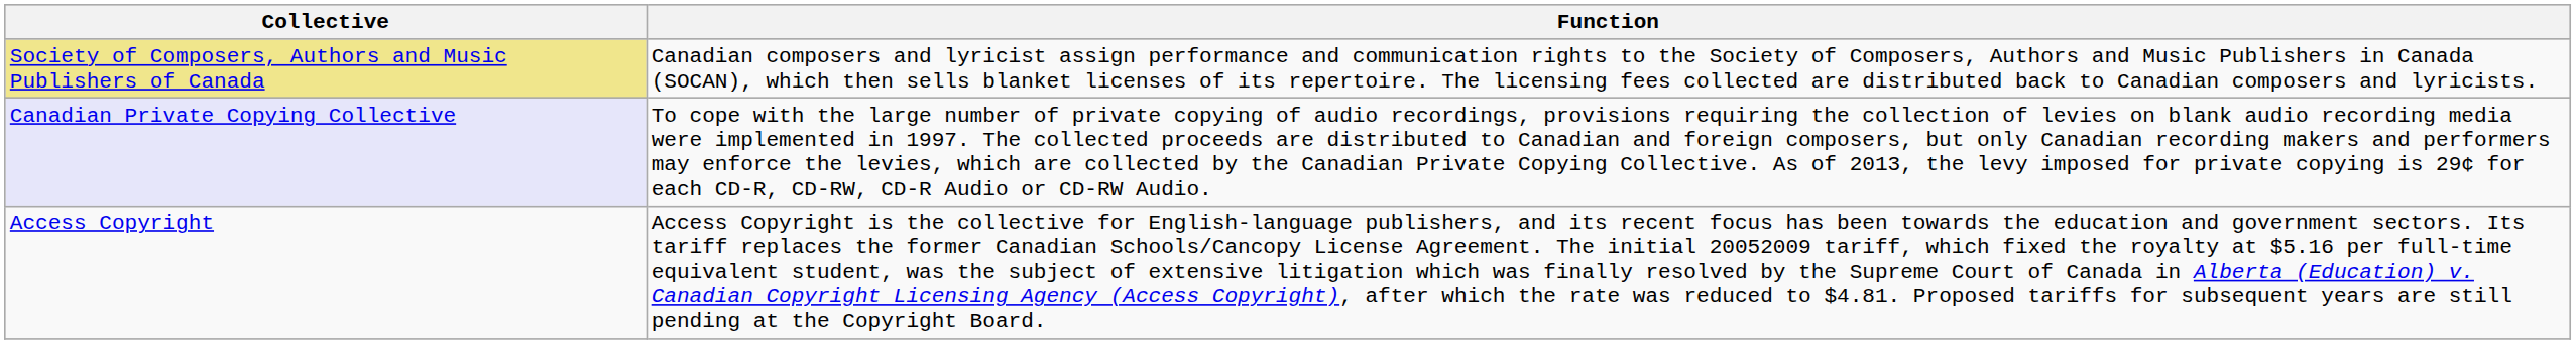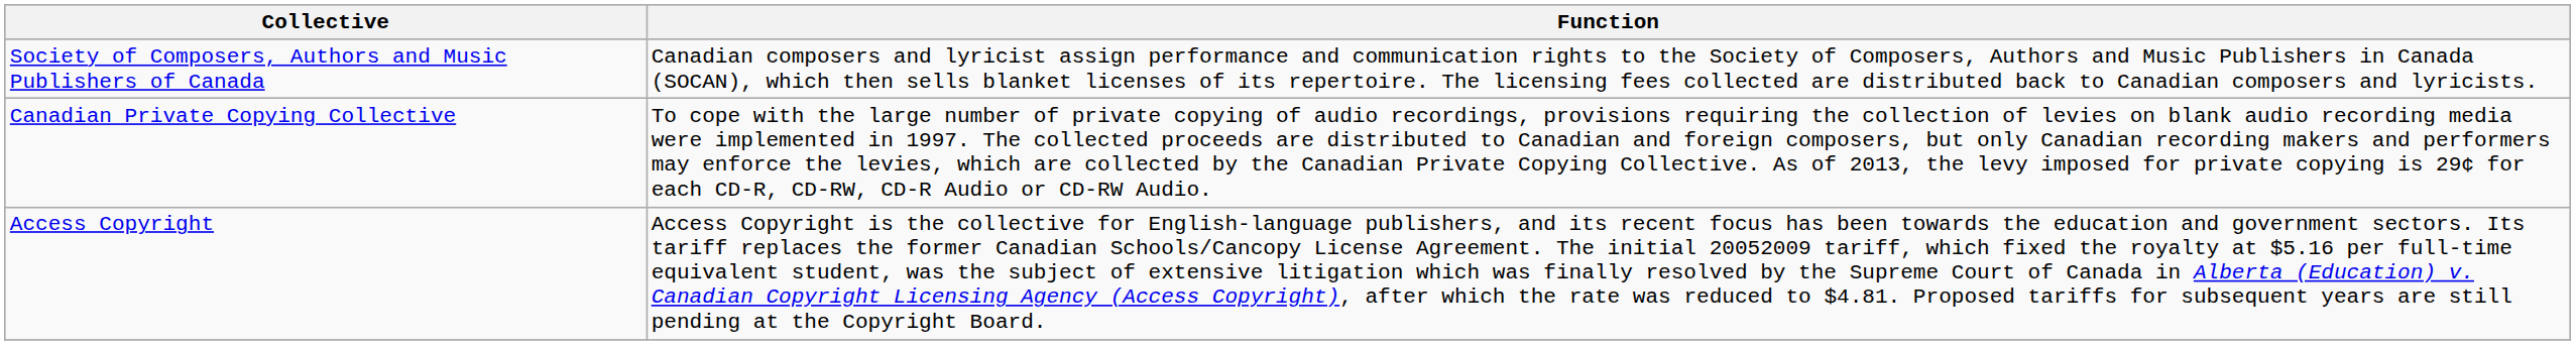 <table class="wikitable">
 <tr>
 <th style="width: 25%">Collective</th>
 <th>Function</th>
 </tr>
 <tr valign="top">
-<td style="background: khaki;"><a href='#'>Society of Composers, Authors and Music Publishers of Canada</a></td>
+<td><a href='#'>Society of Composers, Authors and Music Publishers of Canada</a></td>
 <td>Canadian composers and lyricist assign performance and communication rights to the Society of Composers, Authors and Music Publishers in Canada (SOCAN), which then sells blanket licenses of its repertoire. The licensing fees collected are distributed back to Canadian composers and lyricists.</td>
 </tr>
 <tr valign="top">
-<td style="background: lavender;"><a href='#'>Canadian Private Copying Collective</a></td>
+<td><a href='#'>Canadian Private Copying Collective</a></td>
 <td>To cope with the large number of private copying of audio recordings, provisions requiring the collection of levies on blank audio recording media were implemented in 1997. The collected proceeds are distributed to Canadian and foreign composers, but only Canadian recording makers and performers may enforce the levies, which are collected by the Canadian Private Copying Collective.  As of 2013, the levy imposed for private copying is 29¢ for each CD-R, CD-RW, CD-R Audio or CD-RW Audio.</td>
 </tr>
 <tr valign="top">
 <td><a href='#'>Access Copyright</a></td>
 <td>Access Copyright is the collective for English-language publishers, and its recent focus has been towards the education and government sectors.  Its tariff replaces the former Canadian Schools/Cancopy License Agreement. The initial 20052009 tariff, which fixed the royalty at $5.16 per full-time equivalent student, was the subject of extensive litigation  which was finally resolved by the Supreme Court of Canada in <em><a href='#'>Alberta (Education) v. Canadian Copyright Licensing Agency (Access Copyright)</a></em>, after which the rate was reduced to $4.81. Proposed tariffs for subsequent years are still pending at the Copyright Board.</td>
 </tr>
 </table>
